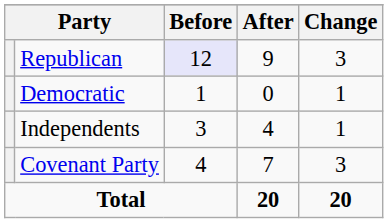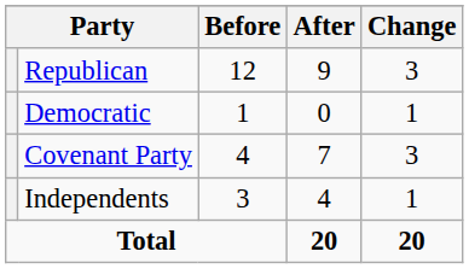 <table class="wikitable" style="text-align:center;">
 <tr>
 </tr>
 <tr>
 <th colspan=2>Party</th>
 <th>Before</th>
 <th>After</th>
 <th>Change</th>
 </tr>
 <tr>
 <th style="background-color:"></th>
 <td style="text-align:left;"><a href='#'>Republican</a></td>
-<td style="background: lavender;">12</td>
+<td>12</td>
 <td>9</td>
 <td> 3</td>
 </tr>
 <tr>
 <th style="background-color:"></th>
 <td style="text-align:left;"><a href='#'>Democratic</a></td>
 <td>1</td>
 <td>0</td>
 <td> 1</td>
 </tr>
 <tr>
 <th style="background-color:"></th>
+<td style="text-align:left;"><a href='#'>Covenant Party</a></td>
+<td>4</td>
+<td>7</td>
+<td> 3</td>
+</tr>
+<tr>
+<th style="background-color:"></th>
 <td style="text-align:left;">Independents</td>
 <td>3</td>
 <td>4</td>
 <td> 1</td>
-</tr>
-<tr>
-<th style="background-color:"></th>
-<td style="text-align:left;"><a href='#'>Covenant Party</a></td>
-<td>4</td>
-<td>7</td>
-<td> 3</td>
 </tr>
 <tr>
 <td colspan=3><strong>Total</strong></td>
 <td><strong>20</strong></td>
 <td><strong>20</strong></td>
 </tr>
 </table>
